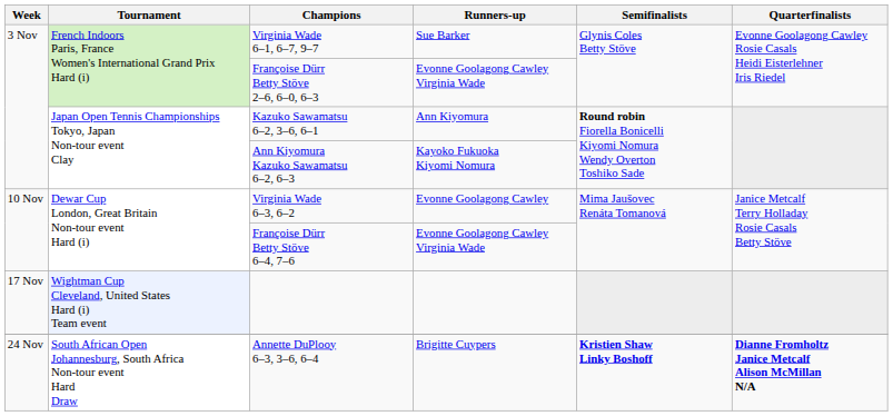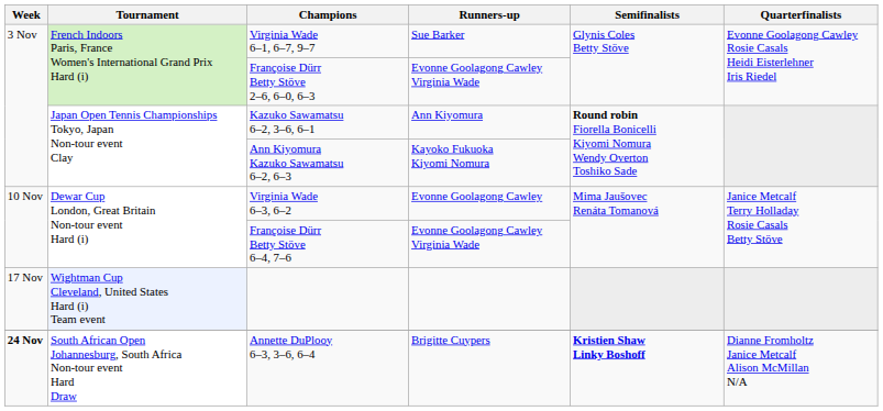 <table class=wikitable style=font-size:95%>
 <tr>
 <th style="width:48px;">Week</th>
 <th style="width:248px;">Tournament</th>
 <th style="width:200px;">Champions</th>
 <th style="width:200px;">Runners-up</th>
 <th style="width:190px;">Semifinalists</th>
 <th style="width:190px;">Quarterfinalists</th>
 </tr>
 <tr valign=top>
 <td rowspan=4>3 Nov</td>
 <td style="background:#D4F1C5;" rowspan="2"><a href='#'>French Indoors</a><br> Paris, France<br>Women's International Grand Prix<br>Hard (i)</td>
 <td> <a href='#'>Virginia Wade</a><br>6–1, 6–7, 9–7</td>
 <td> <a href='#'>Sue Barker</a></td>
 <td rowspan=2> <a href='#'>Glynis Coles</a><br> <a href='#'>Betty Stöve</a></td>
 <td rowspan=2> <a href='#'>Evonne Goolagong Cawley</a><br> <a href='#'>Rosie Casals</a><br> <a href='#'>Heidi Eisterlehner</a><br> <a href='#'>Iris Riedel</a></td>
 </tr>
 <tr valign=top>
 <td> <a href='#'>Françoise Dürr</a> <br>  <a href='#'>Betty Stöve</a><br>2–6, 6–0, 6–3</td>
 <td> <a href='#'>Evonne Goolagong Cawley</a> <br>  <a href='#'>Virginia Wade</a></td>
 </tr>
 <tr valign=top>
 <td style="background:#fff;" rowspan="2"><a href='#'>Japan Open Tennis Championships</a><br> Tokyo, Japan<br>Non-tour event<br>Clay</td>
 <td> <a href='#'>Kazuko Sawamatsu</a><br>6–2, 3–6, 6–1</td>
 <td> <a href='#'>Ann Kiyomura</a></td>
 <td rowspan=2><strong>Round robin</strong><br> <a href='#'>Fiorella Bonicelli</a><br> <a href='#'>Kiyomi Nomura</a><br> <a href='#'>Wendy Overton</a><br> <a href='#'>Toshiko Sade</a></td>
 <td rowspan=2 style="background:#ededed;"></td>
 </tr>
 <tr valign=top>
 <td> <a href='#'>Ann Kiyomura</a> <br>  <a href='#'>Kazuko Sawamatsu</a><br>6–2, 6–3</td>
 <td> <a href='#'>Kayoko Fukuoka</a> <br>  <a href='#'>Kiyomi Nomura</a></td>
 </tr>
 <tr valign=top>
 <td rowspan=2>10 Nov</td>
 <td style="background:#fff;" rowspan="2"><a href='#'>Dewar Cup</a><br> London, Great Britain<br>Non-tour event<br>Hard (i)</td>
 <td> <a href='#'>Virginia Wade</a><br>6–3, 6–2</td>
 <td> <a href='#'>Evonne Goolagong Cawley</a></td>
 <td rowspan=2> <a href='#'>Mima Jaušovec</a><br> <a href='#'>Renáta Tomanová</a></td>
 <td rowspan=2> <a href='#'>Janice Metcalf</a><br> <a href='#'>Terry Holladay</a><br> <a href='#'>Rosie Casals</a><br> <a href='#'>Betty Stöve</a></td>
 </tr>
 <tr valign=top>
 <td> <a href='#'>Françoise Dürr</a> <br>  <a href='#'>Betty Stöve</a><br>6–4, 7–6</td>
 <td> <a href='#'>Evonne Goolagong Cawley</a> <br>  <a href='#'>Virginia Wade</a></td>
 </tr>
 <tr valign=top>
 <td rowspan=1>17 Nov</td>
 <td rowspan=1 style="background:#ECF2FF;"><a href='#'>Wightman Cup</a><br> <a href='#'>Cleveland</a>, United States<br>Hard (i)<br>Team event<br></td>
 <td></td>
 <td></td>
 <td style="background:#ededed;"></td>
 <td style="background:#ededed;"><br></td>
 </tr>
 <tr valign="top">
 </tr>
 <tr valign=top>
-<td>24 Nov</td>
+<td><strong>24 Nov</strong></td>
 <td style="background:#fff;"><a href='#'>South African Open</a><br> <a href='#'>Johannesburg</a>, South Africa<br>Non-tour event<br>Hard<br><a href='#'>Draw</a></td>
 <td> <a href='#'>Annette DuPlooy</a><br>6–3, 3–6, 6–4</td>
 <td> <a href='#'>Brigitte Cuypers</a></td>
 <td><strong> <a href='#'>Kristien Shaw</a><br> <a href='#'>Linky Boshoff</a></strong></td>
-<td><strong> <a href='#'>Dianne Fromholtz</a><br> <a href='#'>Janice Metcalf</a><br> <a href='#'>Alison McMillan</a><br>N/A</strong></td>
+<td> <a href='#'>Dianne Fromholtz</a><br> <a href='#'>Janice Metcalf</a><br> <a href='#'>Alison McMillan</a><br>N/A</td>
 </tr>
 </table>
